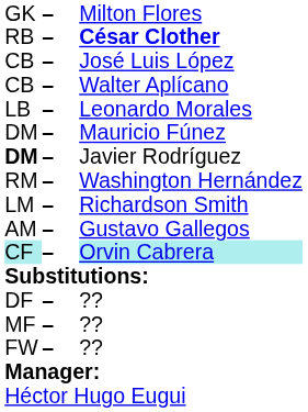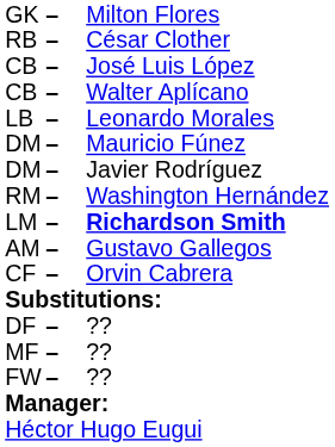 <table style="font-size: 90%" cellspacing="0" cellpadding="0" align="center">
 <tr>
 <td colspan=4></td>
 </tr>
 <tr>
 <th width="25"></th>
 <th width="25"></th>
 </tr>
 <tr>
 <td>GK</td>
 <td><strong>–</strong></td>
 <td> <a href='#'>Milton Flores</a></td>
 </tr>
 <tr>
 <td>RB</td>
 <td><strong>–</strong></td>
-<td><strong> <a href='#'>César Clother</a></strong></td>
+<td> <a href='#'>César Clother</a></td>
 </tr>
 <tr>
 <td>CB</td>
 <td><strong>–</strong></td>
 <td> <a href='#'>José Luis López</a></td>
 </tr>
 <tr>
 <td>CB</td>
 <td><strong>–</strong></td>
 <td> <a href='#'>Walter Aplícano</a></td>
 </tr>
 <tr>
 <td>LB</td>
 <td><strong>–</strong></td>
 <td> <a href='#'>Leonardo Morales</a></td>
 </tr>
 <tr>
 <td>DM</td>
 <td><strong>–</strong></td>
 <td> <a href='#'>Mauricio Fúnez</a></td>
 </tr>
 <tr>
-<td><strong>DM</strong></td>
+<td>DM</td>
 <td><strong>–</strong></td>
 <td> Javier Rodríguez</td>
 </tr>
 <tr>
 <td>RM</td>
 <td><strong>–</strong></td>
 <td> <a href='#'>Washington Hernández</a></td>
 </tr>
 <tr>
 <td>LM</td>
 <td><strong>–</strong></td>
-<td> <a href='#'>Richardson Smith</a></td>
+<td><strong> <a href='#'>Richardson Smith</a></strong></td>
 </tr>
 <tr>
 <td>AM</td>
 <td><strong>–</strong></td>
 <td> <a href='#'>Gustavo Gallegos</a></td>
 </tr>
 <tr>
-<td style="background: paleturquoise;">CF</td>
+<td>CF</td>
 <td><strong>–</strong></td>
-<td style="background: paleturquoise;"> <a href='#'>Orvin Cabrera</a></td>
+<td> <a href='#'>Orvin Cabrera</a></td>
 </tr>
 <tr>
 <td colspan=3><strong>Substitutions:</strong></td>
 </tr>
 <tr>
 <td>DF</td>
 <td><strong>–</strong></td>
 <td> ??</td>
 </tr>
 <tr>
 <td>MF</td>
 <td><strong>–</strong></td>
 <td> ??</td>
 </tr>
 <tr>
 <td>FW</td>
 <td><strong>–</strong></td>
 <td> ??</td>
 </tr>
 <tr>
 <td colspan=3><strong>Manager:</strong></td>
 </tr>
 <tr>
 <td colspan=3> <a href='#'>Héctor Hugo Eugui</a></td>
 </tr>
 </table>
